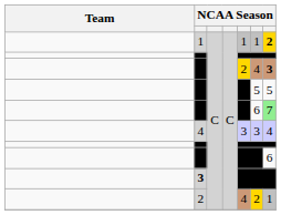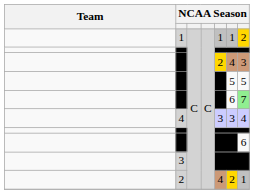 <table class=wikitable style="text-align:center; font-size:90%;">
 <tr>
 <th width=210px rowspan=2>Team</th>
 <th colspan=6>NCAA Season</th>
 </tr>
 <tr>
 <th></th>
 <th></th>
 <th></th>
 <th></th>
 <th></th>
 <th></th>
 </tr>
 <tr>
 <td align=left></td>
 <td bgcolor=#D3D3D3>1</td>
 <td bgcolor=D3D3D3 rowspan=10>C</td>
 <td bgcolor=D3D3D3 rowspan=10>C</td>
 <td bgcolor=silver>1</td>
 <td bgcolor=silver>1</td>
-<td bgcolor=gold><strong>2</strong></td>
+<td bgcolor=gold>2</td>
 </tr>
 <tr>
 <td align=left></td>
 <td bgcolor=black align=center style="border: 1px solid gray;"></td>
 <td bgcolor=black align=center style="border: 1px solid gray;" colspan=3></td>
 </tr>
 <tr>
 <td align=left></td>
 <td bgcolor=black align=center style="border: 1px solid gray;"></td>
 <td bgcolor=gold>2</td>
 <td bgcolor=#c97>4</td>
-<td bgcolor=#c97><strong>3</strong></td>
+<td bgcolor=#c97>3</td>
 </tr>
 <tr>
 <td align=left></td>
 <td bgcolor=black align=center style="border: 1px solid gray;"></td>
 <td bgcolor=black align=center style="border: 1px solid gray;"></td>
 <td>5</td>
 <td>5</td>
 </tr>
 <tr>
 <td align=left></td>
 <td bgcolor=black align=center style="border: 1px solid gray;"></td>
 <td bgcolor=black align=center style="border: 1px solid gray;"></td>
 <td>6</td>
 <td style="background: lightgreen;">7</td>
 </tr>
 <tr>
 <td align=left></td>
 <td bgcolor=#D3D3D3>4</td>
 <td bgcolor=#CCCCFF>3</td>
 <td bgcolor=#CCCCFF>3</td>
 <td bgcolor=#CCCCFF>4</td>
 </tr>
 <tr>
 <td align=left></td>
 <td bgcolor=black align=center style="border: 1px solid gray;"></td>
 <td bgcolor=black align=center style="border: 1px solid gray;" colspan=3></td>
 </tr>
 <tr>
 <td align=left></td>
 <td bgcolor=black align=center style="border: 1px solid gray;"></td>
 <td bgcolor=black align=center style="border: 1px solid gray;" colspan=2></td>
 <td>6</td>
 </tr>
 <tr>
 <td align=left></td>
-<td bgcolor=#D3D3D3><strong>3</strong></td>
+<td bgcolor=#D3D3D3>3</td>
 <td bgcolor=black align=center style="border: 1px solid gray;" colspan=3></td>
 </tr>
 <tr>
 <td align=left></td>
 <td bgcolor=#D3D3D3>2</td>
 <td bgcolor=#c97>4</td>
 <td bgcolor=gold>2</td>
 <td bgcolor=silver>1</td>
 </tr>
 <tr>
 </tr>
 </table>
